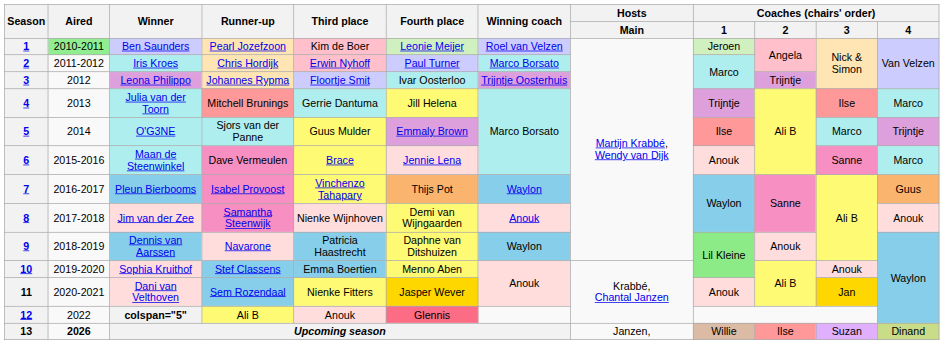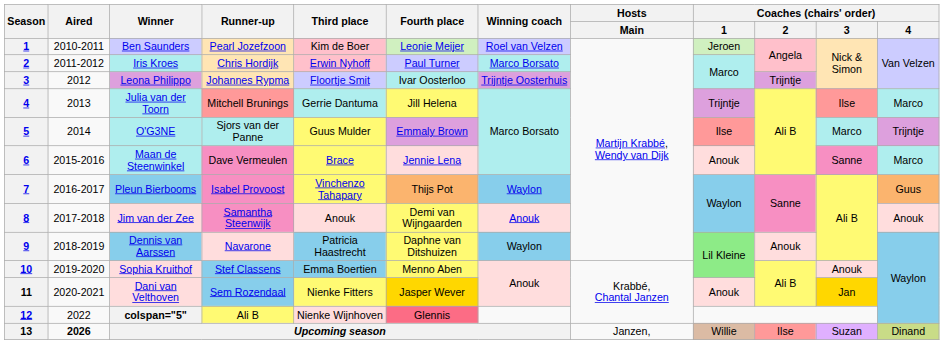 <table class="wikitable" style="text-align:center; font-size:90%; line-height:16px; width:100%">
 <tr>
 <th rowspan="2" scope="col" width="01%">Season</th>
 <th rowspan="2" scope="col" width="06%">Aired</th>
 <th rowspan="2" scope="col" width="09%">Winner</th>
 <th rowspan="2" scope="col" width="09%">Runner-up</th>
 <th rowspan="2" scope="col" width="09%">Third place</th>
 <th rowspan="2" scope="col" width="09%">Fourth place</th>
 <th rowspan="2" scope="col" width="09%">Winning coach</th>
 <th scope="row" width="12%">Hosts</th>
 <th scope="row" colspan="4" width="30%">Coaches (chairs' order)</th>
 </tr>
 <tr>
 <th width="06%">Main</th>
 <th width="06%">1</th>
 <th width="06%">2</th>
 <th width="06%">3</th>
 <th width="06%">4</th>
 </tr>
 <tr>
 <th><a href='#'>1</a></th>
-<td style="background: lightgreen;">2010-2011</td>
+<td>2010-2011</td>
 <td style="background:#ccccff"><a href='#'>Ben Saunders</a></td>
 <td style="background:#ffe5b4"><a href='#'>Pearl Jozefzoon</a></td>
 <td style="background:pink">Kim de Boer</td>
 <td style="background:#d0f0c0"><a href='#'>Leonie Meijer</a></td>
 <td style="background:#ccccff"><a href='#'>Roel van Velzen</a></td>
 <td rowspan="9"><a href='#'>Martijn Krabbé</a>,<br><a href='#'>Wendy van Dijk</a></td>
 <td style="background:#d0f0c0">Jeroen</td>
 <td style="background:pink" rowspan="2">Angela</td>
 <td style="background:#ffe5b4" rowspan="3">Nick & Simon</td>
 <td style="background:#ccccff" rowspan="3">Van Velzen</td>
 </tr>
 <tr>
 <th><a href='#'>2</a></th>
 <td>2011-2012</td>
 <td style="background:#afeeee"><a href='#'>Iris Kroes</a></td>
 <td style="background:#ffe5b4"><a href='#'>Chris Hordijk</a></td>
 <td style="background:pink"><a href='#'>Erwin Nyhoff</a></td>
 <td style="background:#ccccff"><a href='#'>Paul Turner</a></td>
 <td style="background:#afeeee"><a href='#'>Marco Borsato</a></td>
 <td style="background:#afeeee" rowspan="2">Marco</td>
 </tr>
 <tr>
 <th><a href='#'>3</a></th>
 <td>2012</td>
 <td style="background:#dda0dd"><a href='#'>Leona Philippo</a></td>
 <td style="background:#ffe5b4"><a href='#'>Johannes Rypma</a></td>
 <td style="background:#ccccff"><a href='#'>Floortje Smit</a></td>
 <td style="background:#afeeee">Ivar Oosterloo</td>
 <td style="background:#dda0dd"><a href='#'>Trijntje Oosterhuis</a></td>
 <td style="background:#dda0dd">Trijntje</td>
 </tr>
 <tr>
 <th><a href='#'>4</a></th>
 <td>2013</td>
 <td style="background:#afeeee"><a href='#'>Julia van der Toorn</a></td>
 <td style="background:#ff9999">Mitchell Brunings</td>
 <td style="background:#afeeee">Gerrie Dantuma</td>
 <td style="background:#fffa73">Jill Helena</td>
 <td rowspan="3" style="background:#afeeee">Marco Borsato</td>
 <td style="background:#dda0dd">Trijntje</td>
 <td colspan=1 style="background:#fffa73" rowspan="3">Ali B</td>
 <td style="background:#ff9999">Ilse</td>
 <td style="background:#afeeee">Marco</td>
 </tr>
 <tr>
 <th><a href='#'>5</a></th>
 <td>2014</td>
 <td style="background:#afeeee"><a href='#'>O'G3NE</a></td>
 <td style="background:#afeeee">Sjors van der Panne</td>
 <td style="background:#fffa73">Guus Mulder</td>
 <td style="background:#dda0dd"><a href='#'>Emmaly Brown</a></td>
 <td style="background:#ff9999">Ilse</td>
 <td style="background:#afeeee">Marco</td>
 <td style="background:#dda0dd">Trijntje</td>
 </tr>
 <tr>
 <th><a href='#'>6</a></th>
 <td>2015-2016</td>
 <td style="background:#afeeee"><a href='#'>Maan de Steenwinkel</a></td>
 <td style="background:#F78FC2">Dave Vermeulen</td>
 <td style="background:#fffa73"><a href='#'>Brace</a></td>
 <td style="background:#ffdddd"><a href='#'>Jennie Lena</a></td>
 <td style="background:#ffdddd">Anouk</td>
 <td style="background:#f78fc2">Sanne</td>
 <td style="background:#afeeee">Marco</td>
 </tr>
 <tr>
 <th><a href='#'>7</a></th>
 <td>2016-2017</td>
 <td style="background:#87ceeb"><a href='#'>Pleun Bierbooms</a></td>
 <td style="background:#F78FC2"><a href='#'>Isabel Provoost</a></td>
 <td style="background:#fffa73"><a href='#'>Vinchenzo Tahapary</a></td>
 <td style="background:#fbb46e">Thijs Pot</td>
 <td style="background:#87ceeb"><a href='#'>Waylon</a></td>
 <td style="background:#87ceeb" rowspan="2">Waylon</td>
 <td colspan=1 style="background:#f78fc2" rowspan="2">Sanne</td>
 <td style="background:#fffa73" rowspan="3">Ali B</td>
 <td style="background:#fbb46e">Guus</td>
 </tr>
 <tr>
 <th><a href='#'>8</a></th>
 <td>2017-2018</td>
 <td style="background:#ffdddd"><a href='#'>Jim van der Zee</a></td>
 <td style="background:#f78fc2"><a href='#'>Samantha Steenwijk</a></td>
-<td style="background:#ffdddd">Nienke Wijnhoven</td>
+<td style="background:#ffdddd">Anouk</td>
 <td style="background:#fffa73">Demi van Wijngaarden</td>
 <td style="background:#ffdddd"><a href='#'>Anouk</a></td>
 <td style="background:#ffdddd">Anouk</td>
 </tr>
 <tr>
 <th><a href='#'>9</a></th>
 <td>2018-2019</td>
 <td style="background:#87ceeb"><a href='#'>Dennis van Aarssen</a></td>
 <td style="background:#ffdddd"><a href='#'>Navarone</a></td>
 <td style="background:#87ceeb">Patricia Haastrecht</td>
 <td style="background:#fffa73">Daphne van Ditshuizen</td>
 <td style="background:#87ceeb">Waylon</td>
 <td rowspan="2" style="background:#8deb87">Lil Kleine</td>
 <td colspan=1 style="background:#ffdddd">Anouk</td>
 <td rowspan="4" style="background:#87ceeb">Waylon</td>
 </tr>
 <tr>
 <th><a href='#'>10</a></th>
 <td>2019-2020</td>
 <td style="background:#ffdddd"><a href='#'>Sophia Kruithof</a></td>
 <td style="background:#87ceeb"><a href='#'>Stef Classens</a></td>
 <td style="background:#87ceeb">Emma Boertien</td>
 <td style="background:#fffa73">Menno Aben</td>
 <td rowspan="2" style="background:#ffdddd">Anouk</td>
 <td rowspan="3">Krabbé,<br><a href='#'>Chantal Janzen</a></td>
 <td style="background:#fffa73" rowspan="2">Ali B</td>
 <td style="background:#ffdddd">Anouk</td>
 </tr>
 <tr>
 <th>11</th>
 <td>2020-2021</td>
 <td style="background:#ffdddd"><a href='#'>Dani van Velthoven</a></td>
 <td style="background:#87ceeb"><a href='#'>Sem Rozendaal</a></td>
 <td style="background:#fffa73">Nienke Fitters</td>
 <td style="background:gold">Jasper Wever</td>
 <td style="background:#ffdddd">Anouk</td>
 <td style="background:gold">Jan</td>
 </tr>
 <tr>
 <th><a href='#'>12</a></th>
 <td>2022</td>
 <th>colspan="5" </th>
 <td style="background:#fffa73">Ali B</td>
-<td style="background:#ffdddd">Anouk</td>
+<td style="background:#ffdddd">Nienke Wijnhoven</td>
 <td style="background:#FC6C85">Glennis</td>
 </tr>
 <tr>
 <th>13</th>
 <td><strong>2026</strong></td>
 <th colspan="5"><em>Upcoming season</em></th>
 <td>Janzen, <a href='#'></a></td>
 <td style="background:#dbbba4">Willie</td>
 <td style="background:#ff9999">Ilse</td>
 <td style="background:#E0B0FF">Suzan</td>
 <td style="background:#C9DC87">Dinand</td>
 </tr>
 </table>
